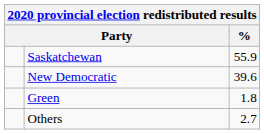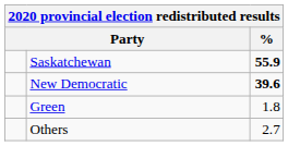 <table class="wikitable">
 <tr>
 <th colspan="4"><a href='#'>2020 provincial election</a> redistributed results</th>
 </tr>
 <tr>
 <th bgcolor="#DDDDFF" width="130px" colspan="2">Party</th>
 <th bgcolor="#DDDDFF" width="30px">%</th>
 </tr>
 <tr>
 <td> </td>
 <td><a href='#'>Saskatchewan</a></td>
-<td align=right>55.9</td>
+<td align=right><strong>55.9</strong></td>
 </tr>
 <tr>
 <td> </td>
 <td><a href='#'>New Democratic</a></td>
-<td align=right>39.6</td>
+<td align=right><strong>39.6</strong></td>
 </tr>
 <tr>
 <td> </td>
 <td><a href='#'>Green</a></td>
 <td align=right>1.8</td>
 </tr>
 <tr>
 <td> </td>
 <td>Others</td>
 <td align=right>2.7</td>
 </tr>
 </table>
